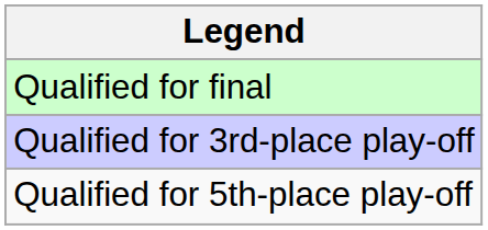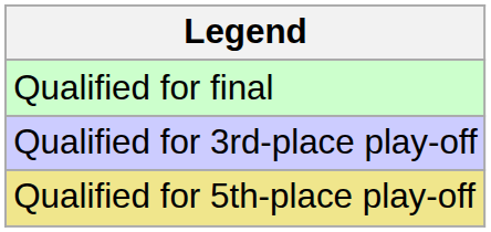 <table class="wikitable">
 <tr>
 <th>Legend</th>
 </tr>
 <tr bgcolor="ccffcc">
 <td>Qualified for final</td>
 </tr>
 <tr bgcolor="ccccff">
 <td>Qualified for 3rd-place play-off</td>
 </tr>
 <tr>
-<td>Qualified for 5th-place play-off</td>
+<td style="background: khaki;">Qualified for 5th-place play-off</td>
 </tr>
 </table>
